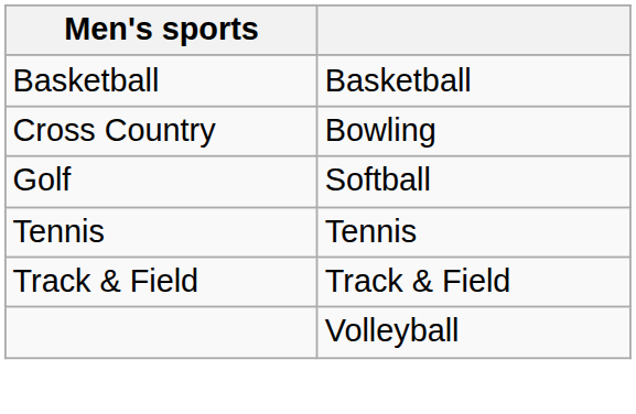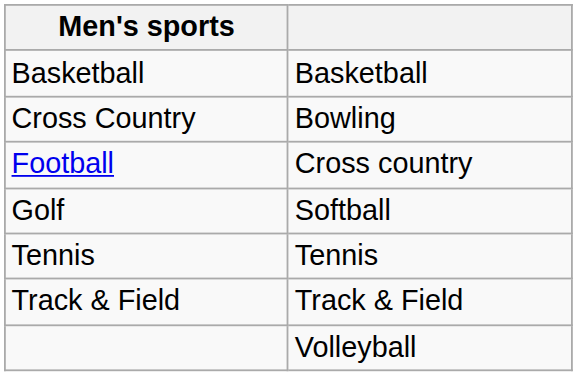 <table class="wikitable"; style= "text-align: ">
 <tr>
 <th width=150px>Men's sports</th>
 <th width=150px></th>
 </tr>
 <tr>
 <td>Basketball</td>
 <td>Basketball</td>
 </tr>
 <tr>
 <td>Cross Country</td>
 <td>Bowling</td>
+</tr>
+<tr>
+<td><a href='#'>Football</a></td>
+<td>Cross country</td>
 </tr>
 <tr>
 <td>Golf</td>
 <td>Softball</td>
 </tr>
 <tr>
 <td>Tennis</td>
 <td>Tennis</td>
 </tr>
 <tr>
 <td>Track & Field</td>
 <td>Track & Field</td>
 </tr>
 <tr>
 <td></td>
 <td>Volleyball</td>
 </tr>
 </table>
